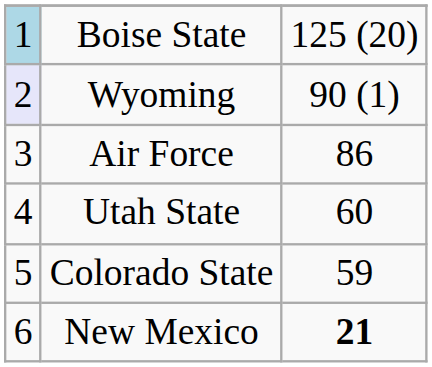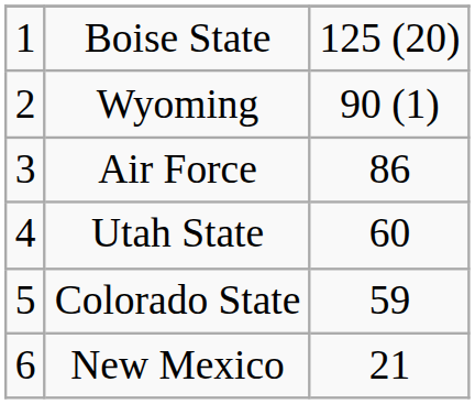 <table class="wikitable" style="display: inline-table;">
 <tr align="center">
 </tr>
 <tr align="center">
-<td style="background: lightblue;">1</td>
+<td>1</td>
 <td>Boise State</td>
 <td>125 (20)</td>
 </tr>
 <tr align="center">
-<td style="background: lavender;">2</td>
+<td>2</td>
 <td>Wyoming</td>
 <td>90 (1)</td>
 </tr>
 <tr align="center">
 <td>3</td>
 <td>Air Force</td>
 <td>86</td>
 </tr>
 <tr align="center">
 <td>4</td>
 <td>Utah State</td>
 <td>60</td>
 </tr>
 <tr align="center">
 <td>5</td>
 <td>Colorado State</td>
 <td>59</td>
 </tr>
 <tr align="center">
 <td>6</td>
 <td>New Mexico</td>
-<td><strong>21</strong></td>
+<td>21</td>
 </tr>
 </table>
